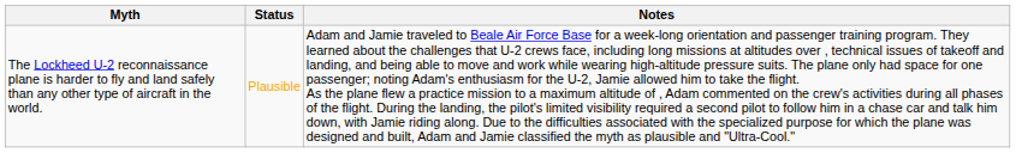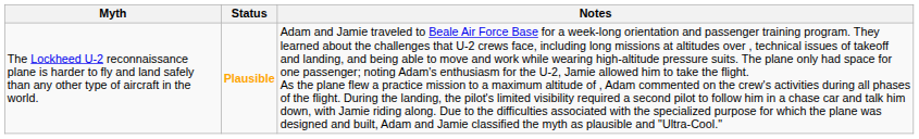 <table class="wikitable plainrowheaders">
 <tr>
 <th scope"col">Myth</th>
 <th scope"col">Status</th>
 <th scope"col">Notes</th>
 </tr>
 <tr>
 <td scope"row">The <a href='#'>Lockheed U-2</a> reconnaissance plane is harder to fly and land safely than any other type of aircraft in the world.</td>
-<td style="color:orange">Plausible</td>
+<td style="color:orange"><strong>Plausible</strong></td>
 <td>Adam and Jamie traveled to <a href='#'>Beale Air Force Base</a> for a week-long orientation and passenger training program. They learned about the challenges that U-2 crews face, including long missions at altitudes over , technical issues of takeoff and landing, and being able to move and work while wearing high-altitude pressure suits. The plane only had space for one passenger; noting Adam's enthusiasm for the U-2, Jamie allowed him to take the flight.<br>As the plane flew a practice mission to a maximum altitude of , Adam commented on the crew's activities during all phases of the flight. During the landing, the pilot's limited visibility required a second pilot to follow him in a chase car and talk him down, with Jamie riding along. Due to the difficulties associated with the specialized purpose for which the plane was designed and built, Adam and Jamie classified the myth as plausible and "Ultra-Cool."</td>
 </tr>
 </table>
